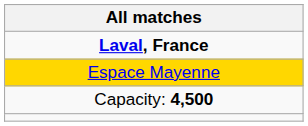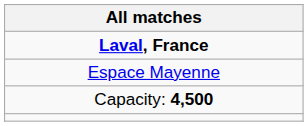 <table class="wikitable" style="text-align:center" width=280>
 <tr>
 <th>All matches</th>
 </tr>
 <tr>
 <td><strong><a href='#'>Laval</a>, France</strong></td>
 </tr>
 <tr>
-<td style="background: gold;"><a href='#'>Espace Mayenne</a></td>
+<td><a href='#'>Espace Mayenne</a></td>
 </tr>
 <tr>
 <td>Capacity: <strong>4,500</strong></td>
 </tr>
 <tr>
 <td></td>
 </tr>
 </table>
